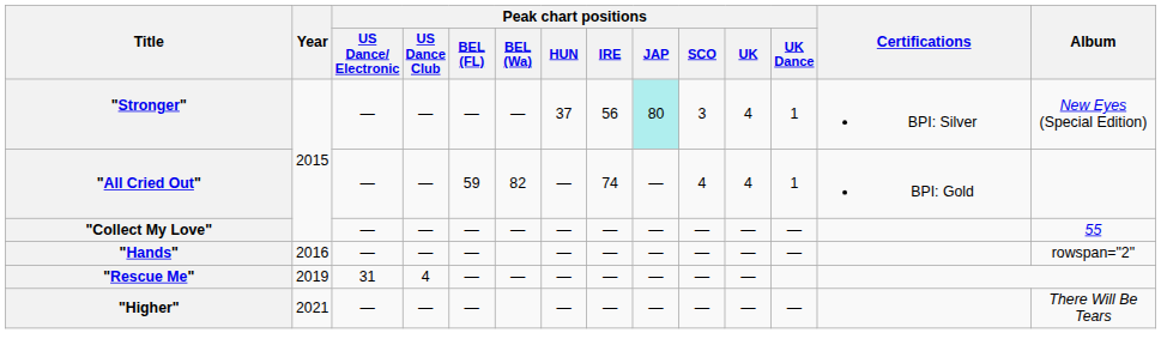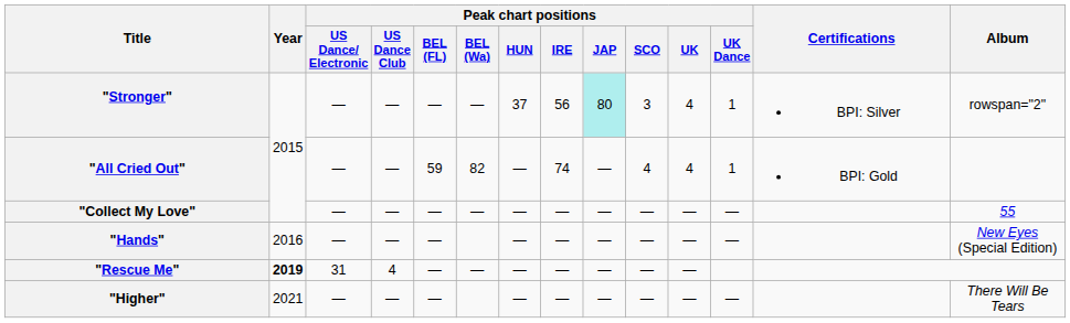 <table class="wikitable plainrowheaders" style="text-align:center;">
 <tr>
 <th scope="col" rowspan="2" style="width:19em;">Title</th>
 <th scope="col" rowspan="2" style="width:1em;">Year</th>
 <th scope="col" colspan="10">Peak chart positions</th>
 <th scope="col" rowspan="2" style="width:14em;"><a href='#'>Certifications</a></th>
 <th scope="col" rowspan="2">Album</th>
 </tr>
 <tr>
 <th scope="col" style="width:3em;font-size:90%;"><a href='#'>US<br>Dance/<br>Electronic</a><br></th>
 <th scope="col" style="width:3em;font-size:90%;"><a href='#'>US<br>Dance<br>Club</a><br></th>
 <th scope="col" style="width:3em;font-size:90%;"><a href='#'>BEL<br>(FL)</a><br></th>
 <th scope="col" style="width:3em;font-size:90%;"><a href='#'>BEL<br>(Wa)</a><br></th>
 <th scope="col" style="width:3em;font-size:90%;"><a href='#'>HUN</a><br></th>
 <th scope="col" style="width:3em;font-size:90%;"><a href='#'>IRE</a><br></th>
 <th scope="col" style="width:3em;font-size:90%;"><a href='#'>JAP</a><br></th>
 <th scope="col" style="width:3em;font-size:90%;"><a href='#'>SCO</a><br></th>
 <th scope="col" style="width:3em;font-size:90%;"><a href='#'>UK</a><br></th>
 <th scope="col" style="width:3em;font-size:90%;"><a href='#'>UK<br>Dance</a></th>
 </tr>
 <tr>
 <th scope="row">"<a href='#'>Stronger</a>"<br><br></th>
 <td rowspan="3">2015</td>
 <td>—</td>
 <td>—</td>
 <td>—</td>
 <td>—</td>
 <td>37</td>
 <td>56</td>
 <td style="background: paleturquoise;">80</td>
 <td>3</td>
 <td>4</td>
 <td>1</td>
 <td><br><ul><li>BPI: Silver</li></ul></td>
-<td><em><a href='#'>New Eyes</a></em> (Special Edition)</td>
+<td>rowspan="2" </td>
 </tr>
 <tr>
 <th scope="row">"<a href='#'>All Cried Out</a>"<br></th>
 <td>—</td>
 <td>—</td>
 <td>59</td>
 <td>82</td>
 <td>—</td>
 <td>74</td>
 <td>—</td>
 <td>4</td>
 <td>4</td>
 <td>1</td>
 <td><br><ul><li>BPI: Gold</li></ul></td>
 <td></td>
 </tr>
 <tr>
 <th scope="row">"Collect My Love"<br></th>
 <td>—</td>
 <td>—</td>
 <td>—</td>
 <td>—</td>
 <td>—</td>
 <td>—</td>
 <td>—</td>
 <td>—</td>
 <td>—</td>
 <td>—</td>
 <td></td>
 <td><em><a href='#'>55</a></em></td>
 </tr>
 <tr>
 <th scope="row">"<a href='#'>Hands</a>"<br></th>
 <td>2016</td>
 <td>—</td>
 <td>—</td>
 <td>—</td>
 <td></td>
 <td>—</td>
 <td>—</td>
 <td>—</td>
 <td>—</td>
 <td>—</td>
 <td>—</td>
 <td></td>
-<td>rowspan="2" </td>
+<td><em><a href='#'>New Eyes</a></em> (Special Edition)</td>
 </tr>
 <tr>
 <th scope="row">"<a href='#'>Rescue Me</a>"<br></th>
-<td>2019</td>
+<td><strong>2019</strong></td>
 <td>31</td>
 <td>4</td>
 <td>—</td>
 <td>—</td>
 <td>—</td>
 <td>—</td>
 <td>—</td>
 <td>—</td>
 <td>—</td>
 <td></td>
 </tr>
 <tr>
 <th scope="row">"Higher"<br></th>
 <td>2021</td>
 <td>—</td>
 <td>—</td>
 <td>—</td>
 <td></td>
 <td>—</td>
 <td>—</td>
 <td>—</td>
 <td>—</td>
 <td>—</td>
 <td>—</td>
 <td></td>
 <td><em>There Will Be Tears</em></td>
 </tr>
 </table>
